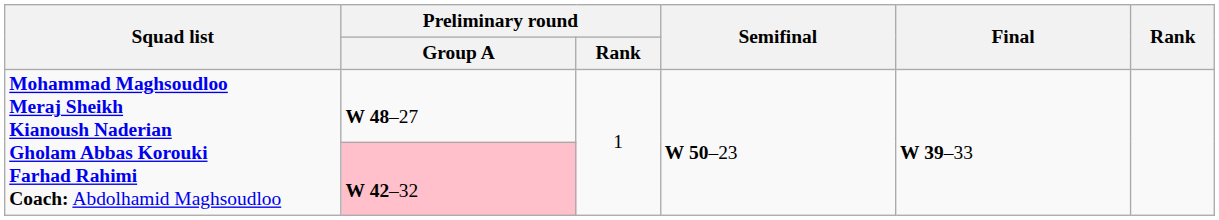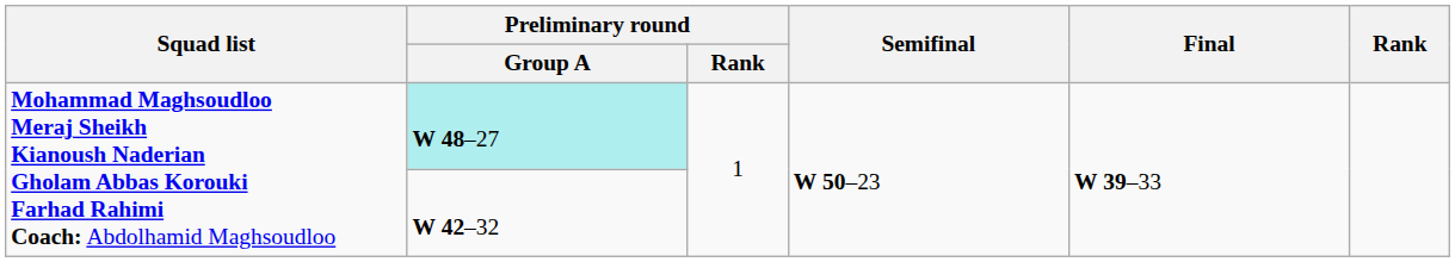 <table class="wikitable" width="71%" style="text-align:left; font-size:90%">
 <tr>
 <th rowspan="2" width="20%">Squad list</th>
 <th colspan="2">Preliminary round</th>
 <th rowspan="2" width="14%">Semifinal</th>
 <th rowspan="2" width="14%">Final</th>
 <th rowspan="2" width="5%">Rank</th>
 </tr>
 <tr>
 <th width="14%">Group A</th>
 <th width="5%">Rank</th>
 </tr>
 <tr>
 <td rowspan="2"><strong><a href='#'>Mohammad Maghsoudloo</a><br><a href='#'>Meraj Sheikh</a><br><a href='#'>Kianoush Naderian</a><br><a href='#'>Gholam Abbas Korouki</a><br><a href='#'>Farhad Rahimi</a><br>Coach:</strong> <a href='#'>Abdolhamid Maghsoudloo</a></td>
-<td><br><strong>W</strong> <strong>48</strong>–27</td>
+<td style="background: paleturquoise;"><br><strong>W</strong> <strong>48</strong>–27</td>
 <td rowspan="2" align=center>1 <strong></strong></td>
 <td rowspan="2"><br><strong>W</strong> <strong>50</strong>–23</td>
 <td rowspan="2"><br><strong>W</strong> <strong>39</strong>–33</td>
 <td rowspan="2" align="center"></td>
 </tr>
 <tr>
-<td style="background: pink;"><br><strong>W</strong> <strong>42</strong>–32</td>
+<td><br><strong>W</strong> <strong>42</strong>–32</td>
 </tr>
 </table>
